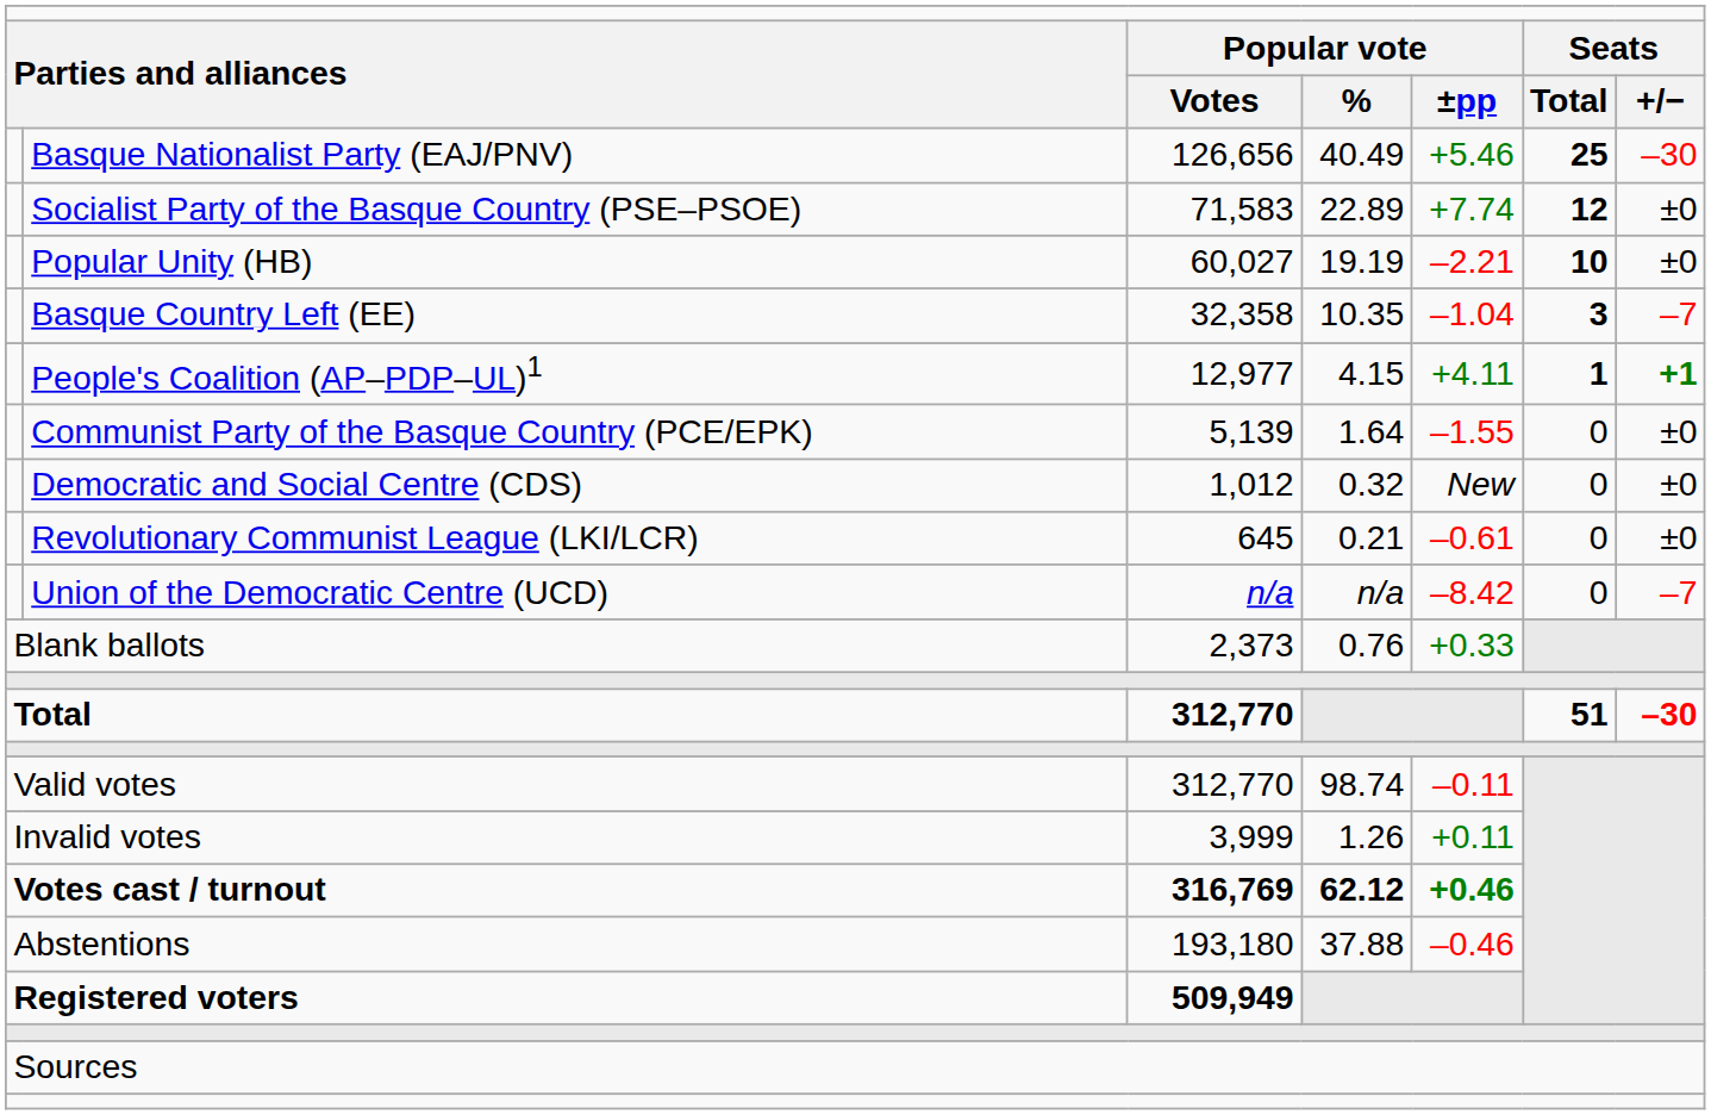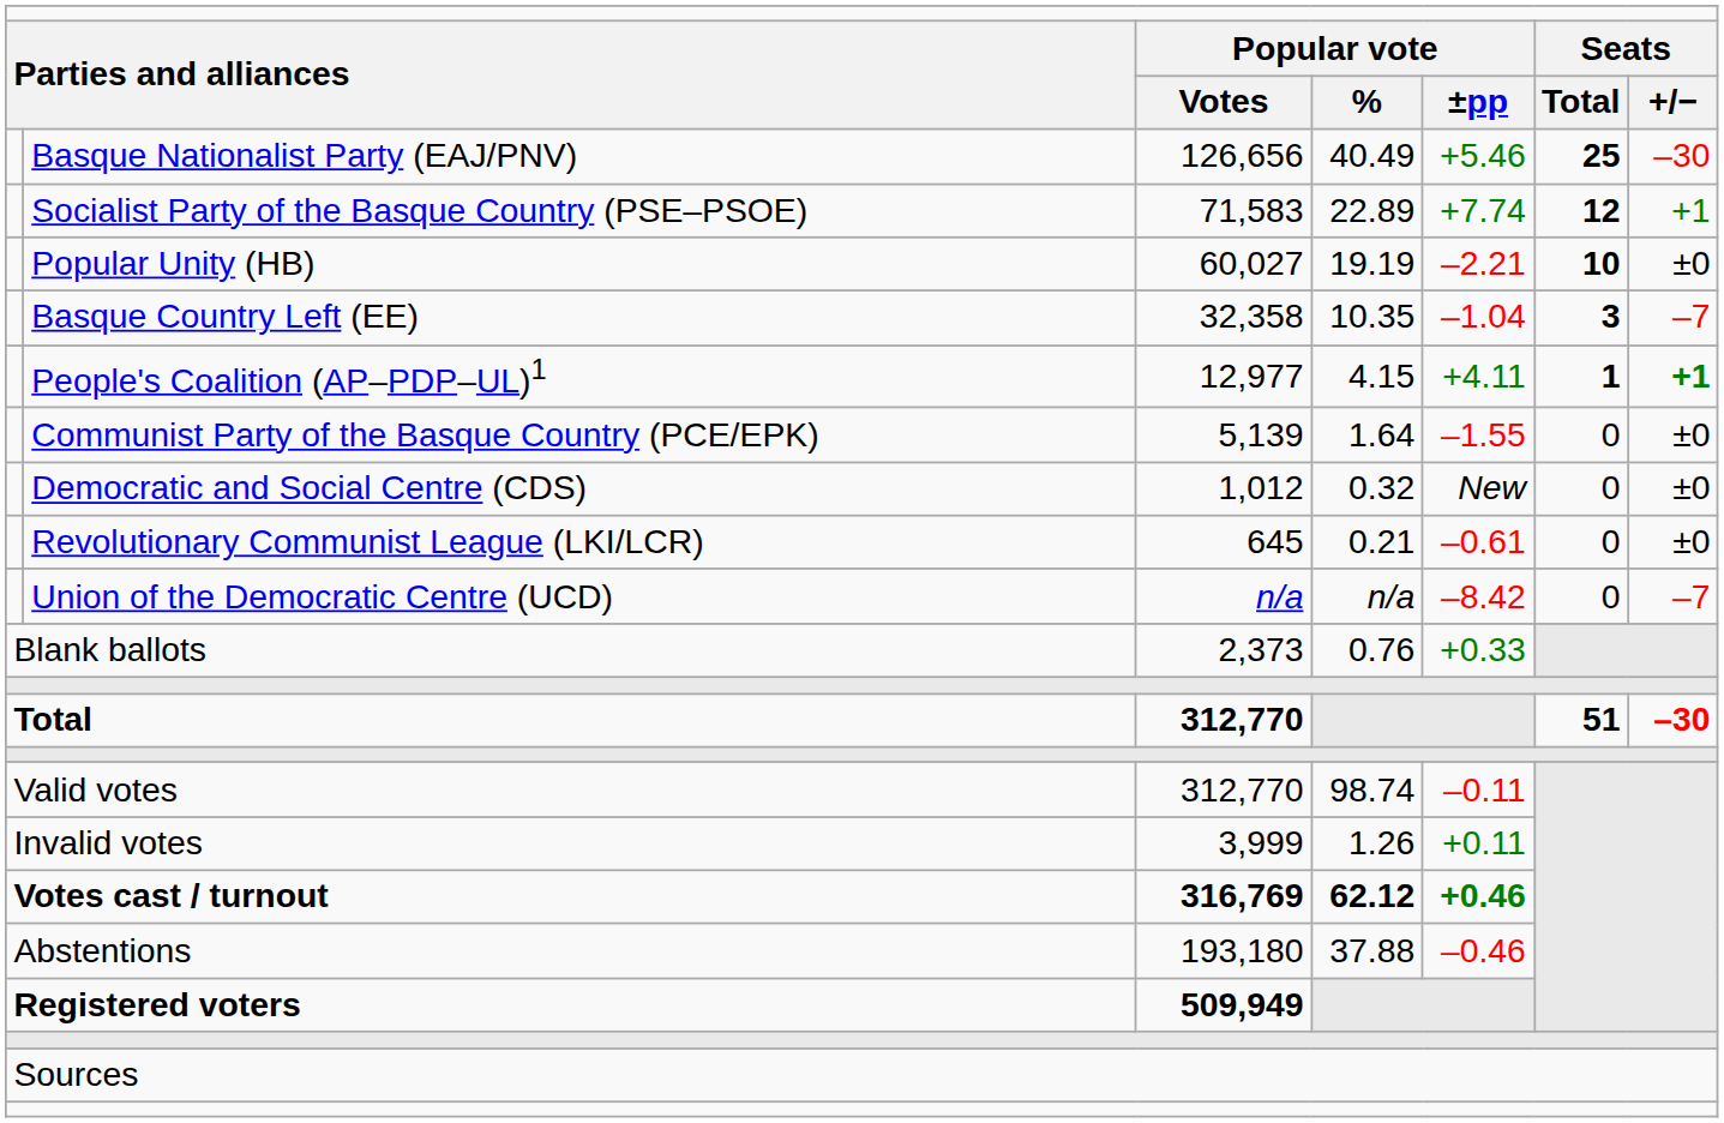 <table class="wikitable" style="text-align:right;">
 <tr>
 <td colspan="7"></td>
 </tr>
 <tr>
 <th style="text-align:left;" rowspan="2" colspan="2" width="525">Parties and alliances</th>
 <th colspan="3">Popular vote</th>
 <th colspan="2">Seats</th>
 </tr>
 <tr>
 <th width="75">Votes</th>
 <th width="45">%</th>
 <th width="45">±<a href='#'>pp</a></th>
 <th width="35">Total</th>
 <th width="35">+/−</th>
 </tr>
 <tr>
 <td width="1" style="color:inherit;background:"></td>
 <td align="left"><a href='#'>Basque Nationalist Party</a> (EAJ/PNV)</td>
 <td>126,656</td>
 <td>40.49</td>
 <td style="color:green;">+5.46</td>
 <td><strong>25</strong></td>
 <td style="color:red;">–30</td>
 </tr>
 <tr>
 <td style="color:inherit;background:"></td>
 <td align="left"><a href='#'>Socialist Party of the Basque Country</a> (PSE–PSOE)</td>
 <td>71,583</td>
 <td>22.89</td>
 <td style="color:green;">+7.74</td>
 <td><strong>12</strong></td>
-<td>±0</td>
+<td style="color:green;">+1</td>
 </tr>
 <tr>
 <td style="color:inherit;background:"></td>
 <td align="left"><a href='#'>Popular Unity</a> (HB)</td>
 <td>60,027</td>
 <td>19.19</td>
 <td style="color:red;">–2.21</td>
 <td><strong>10</strong></td>
 <td>±0</td>
 </tr>
 <tr>
 <td style="color:inherit;background:"></td>
 <td align="left"><a href='#'>Basque Country Left</a> (EE)</td>
 <td>32,358</td>
 <td>10.35</td>
 <td style="color:red;">–1.04</td>
 <td><strong>3</strong></td>
 <td style="color:red;">–7</td>
 </tr>
 <tr>
 <td style="color:inherit;background:"></td>
 <td align="left"><a href='#'>People's Coalition</a> (<a href='#'>AP</a>–<a href='#'>PDP</a>–<a href='#'>UL</a>)<sup>1</sup></td>
 <td>12,977</td>
 <td>4.15</td>
 <td style="color:green;">+4.11</td>
 <td><strong>1</strong></td>
 <td style="color:green;"><strong>+1</strong></td>
 </tr>
 <tr>
 <td style="color:inherit;background:"></td>
 <td align="left"><a href='#'>Communist Party of the Basque Country</a> (PCE/EPK)</td>
 <td>5,139</td>
 <td>1.64</td>
 <td style="color:red;">–1.55</td>
 <td>0</td>
 <td>±0</td>
 </tr>
 <tr>
 <td style="color:inherit;background:"></td>
 <td align="left"><a href='#'>Democratic and Social Centre</a> (CDS)</td>
 <td>1,012</td>
 <td>0.32</td>
 <td><em>New</em></td>
 <td>0</td>
 <td>±0</td>
 </tr>
 <tr>
 <td style="color:inherit;background:"></td>
 <td align="left"><a href='#'>Revolutionary Communist League</a> (LKI/LCR)</td>
 <td>645</td>
 <td>0.21</td>
 <td style="color:red;">–0.61</td>
 <td>0</td>
 <td>±0</td>
 </tr>
 <tr>
 <td style="color:inherit;background:"></td>
 <td align="left"><a href='#'>Union of the Democratic Centre</a> (UCD)</td>
 <td><em><a href='#'>n/a</a></em></td>
 <td><em>n/a</em></td>
 <td style="color:red;">–8.42</td>
 <td>0</td>
 <td style="color:red;">–7</td>
 </tr>
 <tr>
 <td align="left" colspan="2">Blank ballots</td>
 <td>2,373</td>
 <td>0.76</td>
 <td style="color:green;">+0.33</td>
 <td bgcolor="#E9E9E9" colspan="2"></td>
 </tr>
 <tr>
 <td colspan="7" bgcolor="#E9E9E9"></td>
 </tr>
 <tr style="font-weight:bold;">
 <td align="left" colspan="2">Total</td>
 <td>312,770</td>
 <td bgcolor="#E9E9E9" colspan="2"></td>
 <td>51</td>
 <td style="color:red;">–30</td>
 </tr>
 <tr>
 <td colspan="7" bgcolor="#E9E9E9"></td>
 </tr>
 <tr>
 <td align="left" colspan="2">Valid votes</td>
 <td>312,770</td>
 <td>98.74</td>
 <td style="color:red;">–0.11</td>
 <td bgcolor="#E9E9E9" colspan="2" rowspan="5"></td>
 </tr>
 <tr>
 <td align="left" colspan="2">Invalid votes</td>
 <td>3,999</td>
 <td>1.26</td>
 <td style="color:green;">+0.11</td>
 </tr>
 <tr style="font-weight:bold;">
 <td align="left" colspan="2">Votes cast / turnout</td>
 <td>316,769</td>
 <td>62.12</td>
 <td style="color:green;">+0.46</td>
 </tr>
 <tr>
 <td align="left" colspan="2">Abstentions</td>
 <td>193,180</td>
 <td>37.88</td>
 <td style="color:red;">–0.46</td>
 </tr>
 <tr style="font-weight:bold;">
 <td align="left" colspan="2">Registered voters</td>
 <td>509,949</td>
 <td bgcolor="#E9E9E9" colspan="2"></td>
 </tr>
 <tr>
 <td colspan="7" bgcolor="#E9E9E9"></td>
 </tr>
 <tr>
 <td align="left" colspan="7">Sources</td>
 </tr>
 <tr>
 <td colspan="7" style="text-align:left; max-width:790px;"></td>
 </tr>
 </table>
